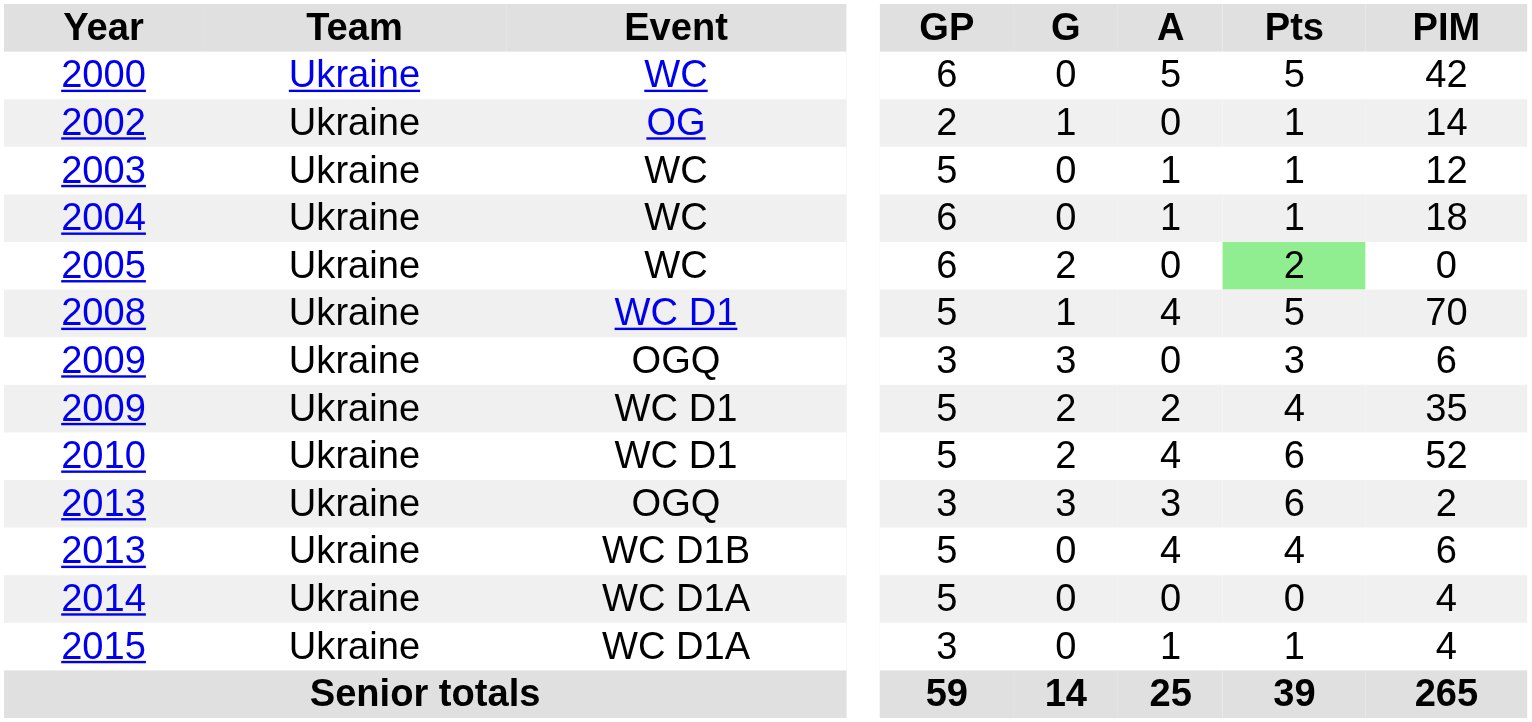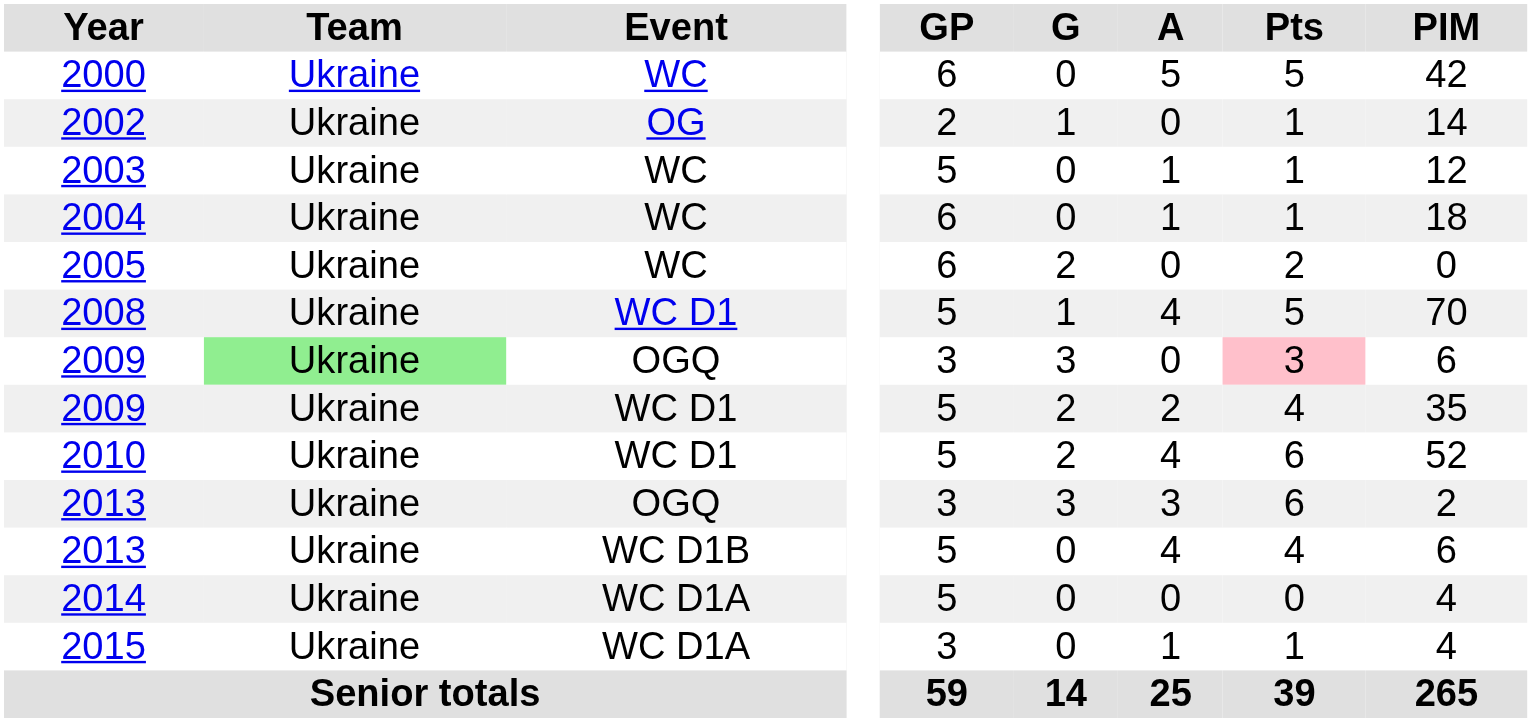 <table border="0" cellpadding="1" cellspacing="0" style="text-align:center; width:40em">
 <tr ALIGN="center" bgcolor="#e0e0e0">
 <th>Year</th>
 <th>Team</th>
 <th>Event</th>
 <th ALIGN="center" rowspan="99" bgcolor="#ffffff"> </th>
 <th>GP</th>
 <th>G</th>
 <th>A</th>
 <th>Pts</th>
 <th>PIM</th>
 </tr>
 <tr>
 <td><a href='#'>2000</a></td>
 <td><a href='#'>Ukraine</a></td>
 <td><a href='#'>WC</a></td>
 <td>6</td>
 <td>0</td>
 <td>5</td>
 <td>5</td>
 <td>42</td>
 </tr>
 <tr bgcolor="#f0f0f0">
 <td><a href='#'>2002</a></td>
 <td>Ukraine</td>
 <td><a href='#'>OG</a></td>
 <td>2</td>
 <td>1</td>
 <td>0</td>
 <td>1</td>
 <td>14</td>
 </tr>
 <tr>
 <td><a href='#'>2003</a></td>
 <td>Ukraine</td>
 <td>WC</td>
 <td>5</td>
 <td>0</td>
 <td>1</td>
 <td>1</td>
 <td>12</td>
 </tr>
 <tr bgcolor="#f0f0f0">
 <td><a href='#'>2004</a></td>
 <td>Ukraine</td>
 <td>WC</td>
 <td>6</td>
 <td>0</td>
 <td>1</td>
 <td>1</td>
 <td>18</td>
 </tr>
 <tr>
 <td><a href='#'>2005</a></td>
 <td>Ukraine</td>
 <td>WC</td>
 <td>6</td>
 <td>2</td>
 <td>0</td>
-<td style="background: lightgreen;">2</td>
+<td>2</td>
 <td>0</td>
 </tr>
 <tr bgcolor="#f0f0f0">
 <td><a href='#'>2008</a></td>
 <td>Ukraine</td>
 <td><a href='#'>WC D1</a></td>
 <td>5</td>
 <td>1</td>
 <td>4</td>
 <td>5</td>
 <td>70</td>
 </tr>
 <tr>
 <td><a href='#'>2009</a></td>
-<td>Ukraine</td>
+<td style="background: lightgreen;">Ukraine</td>
 <td>OGQ</td>
 <td>3</td>
 <td>3</td>
 <td>0</td>
-<td>3</td>
+<td style="background: pink;">3</td>
 <td>6</td>
 </tr>
 <tr bgcolor="#f0f0f0">
 <td><a href='#'>2009</a></td>
 <td>Ukraine</td>
 <td>WC D1</td>
 <td>5</td>
 <td>2</td>
 <td>2</td>
 <td>4</td>
 <td>35</td>
 </tr>
 <tr>
 <td><a href='#'>2010</a></td>
 <td>Ukraine</td>
 <td>WC D1</td>
 <td>5</td>
 <td>2</td>
 <td>4</td>
 <td>6</td>
 <td>52</td>
 </tr>
 <tr bgcolor="#f0f0f0">
 <td><a href='#'>2013</a></td>
 <td>Ukraine</td>
 <td>OGQ</td>
 <td>3</td>
 <td>3</td>
 <td>3</td>
 <td>6</td>
 <td>2</td>
 </tr>
 <tr>
 <td><a href='#'>2013</a></td>
 <td>Ukraine</td>
 <td>WC D1B</td>
 <td>5</td>
 <td>0</td>
 <td>4</td>
 <td>4</td>
 <td>6</td>
 </tr>
 <tr bgcolor="#f0f0f0">
 <td><a href='#'>2014</a></td>
 <td>Ukraine</td>
 <td>WC D1A</td>
 <td>5</td>
 <td>0</td>
 <td>0</td>
 <td>0</td>
 <td>4</td>
 </tr>
 <tr>
 <td><a href='#'>2015</a></td>
 <td>Ukraine</td>
 <td>WC D1A</td>
 <td>3</td>
 <td>0</td>
 <td>1</td>
 <td>1</td>
 <td>4</td>
 </tr>
 <tr bgcolor="#e0e0e0">
 <th colspan="3">Senior totals</th>
 <th>59</th>
 <th>14</th>
 <th>25</th>
 <th>39</th>
 <th>265</th>
 </tr>
 </table>
